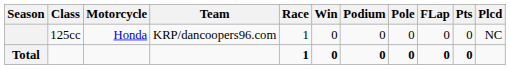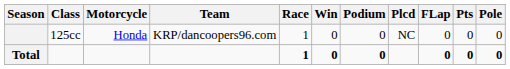 <table class="wikitable">
 <tr>
 <th>Season</th>
 <th>Class</th>
 <th>Motorcycle</th>
 <th>Team</th>
 <th>Race</th>
 <th>Win</th>
 <th>Podium</th>
-<th>Pole</th>
+<th>Plcd</th>
 <th>FLap</th>
 <th>Pts</th>
-<th>Plcd</th>
+<th>Pole</th>
 </tr>
 <tr align="right">
 <th></th>
 <td>125cc</td>
 <td><a href='#'>Honda</a></td>
 <td>KRP/dancoopers96.com</td>
 <td>1</td>
 <td>0</td>
 <td>0</td>
+<td>NC</td>
 <td>0</td>
 <td>0</td>
 <td>0</td>
-<td>NC</td>
 </tr>
 <tr align="right">
 <th>Total</th>
 <td></td>
 <td></td>
 <td></td>
 <td><strong>1</strong></td>
 <td><strong>0</strong></td>
 <td><strong>0</strong></td>
+<td></td>
 <td><strong>0</strong></td>
 <td><strong>0</strong></td>
 <td><strong>0</strong></td>
-<td></td>
 </tr>
 </table>
